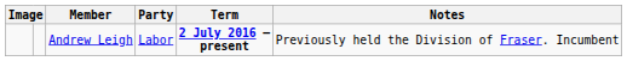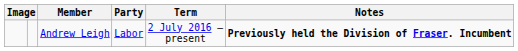 <table class=wikitable style="text-align:center">
 <tr>
 <th colspan=2>Image</th>
 <th>Member</th>
 <th>Party</th>
 <th>Term</th>
 <th>Notes</th>
 </tr>
 <tr>
 <td> </td>
 <td></td>
 <td><a href='#'>Andrew Leigh</a><br></td>
 <td><a href='#'>Labor</a></td>
-<td nowrap><strong><a href='#'>2 July 2016</a> –<br>present</strong></td>
-<td>Previously held the Division of <a href='#'>Fraser</a>. Incumbent</td>
+<td nowrap><a href='#'>2 July 2016</a> –<br>present</td>
+<td><strong>Previously held the Division of <a href='#'>Fraser</a>. Incumbent</strong></td>
 </tr>
 </table>
